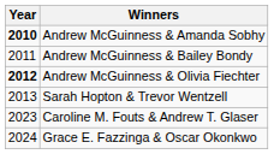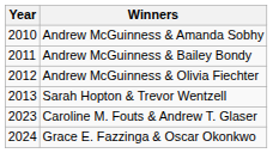 <table class="wikitable">
 <tr>
 <th>Year</th>
 <th>Winners</th>
 </tr>
 <tr>
-<td><strong>2010</strong></td>
+<td>2010</td>
 <td>Andrew McGuinness & Amanda Sobhy</td>
 </tr>
 <tr>
 <td>2011</td>
 <td>Andrew McGuinness & Bailey Bondy</td>
 </tr>
 <tr>
-<td><strong>2012</strong></td>
+<td>2012</td>
 <td>Andrew McGuinness & Olivia Fiechter</td>
 </tr>
 <tr>
 <td>2013</td>
 <td>Sarah Hopton & Trevor Wentzell</td>
 </tr>
 <tr>
 <td>2023</td>
 <td>Caroline M. Fouts & Andrew T. Glaser</td>
 </tr>
 <tr>
 <td>2024</td>
 <td>Grace E. Fazzinga & Oscar Okonkwo</td>
 </tr>
 </table>
